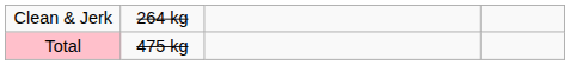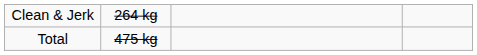 <table class = "wikitable" style="text-align:center;">
 <tr>
 <td width=100>Clean & Jerk</td>
 <td width=70><s>264 kg</s></td>
 <td width=250 align=left><s></s></td>
 <td width=70><s></s></td>
 </tr>
 <tr>
-<td style="background: pink;">Total</td>
+<td>Total</td>
 <td><s>475 kg</s></td>
 <td align=left><s></s></td>
 <td><s></s></td>
 </tr>
 </table>
